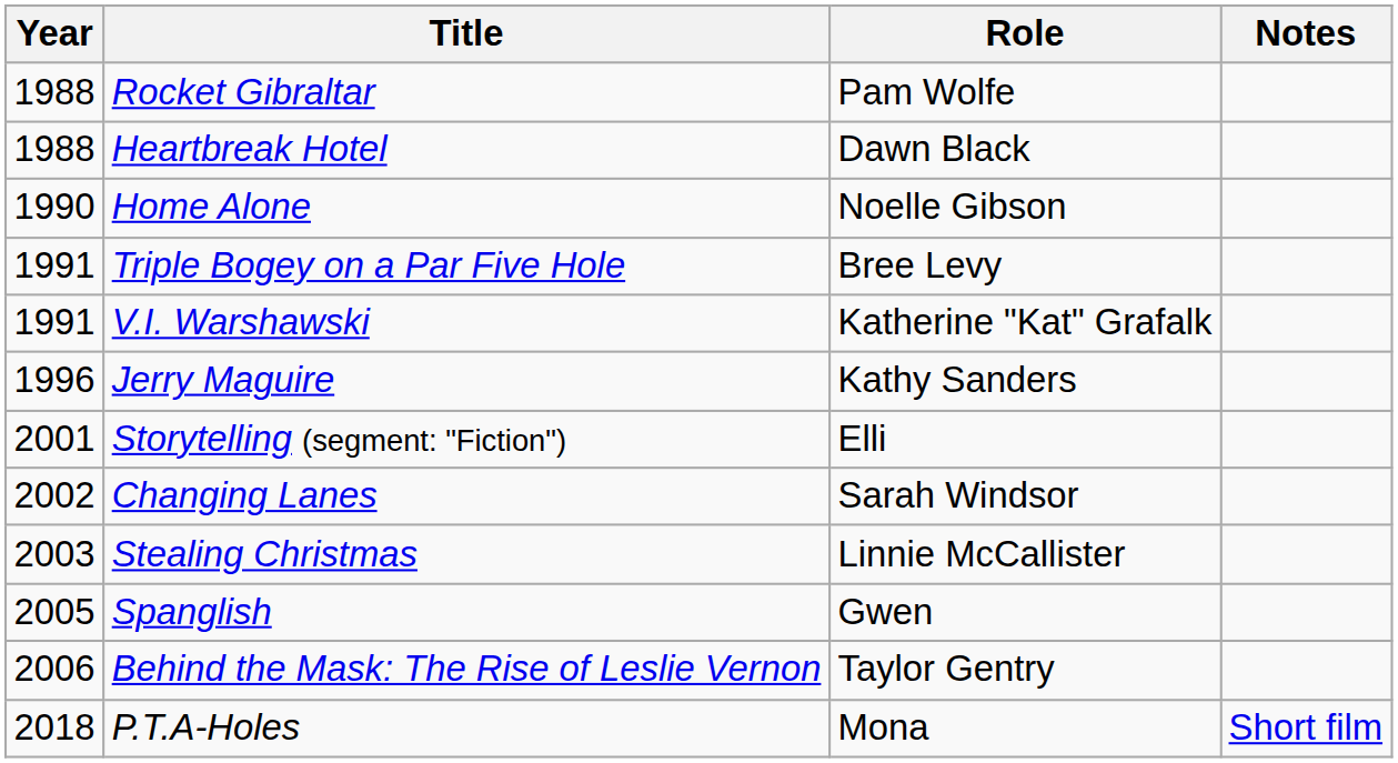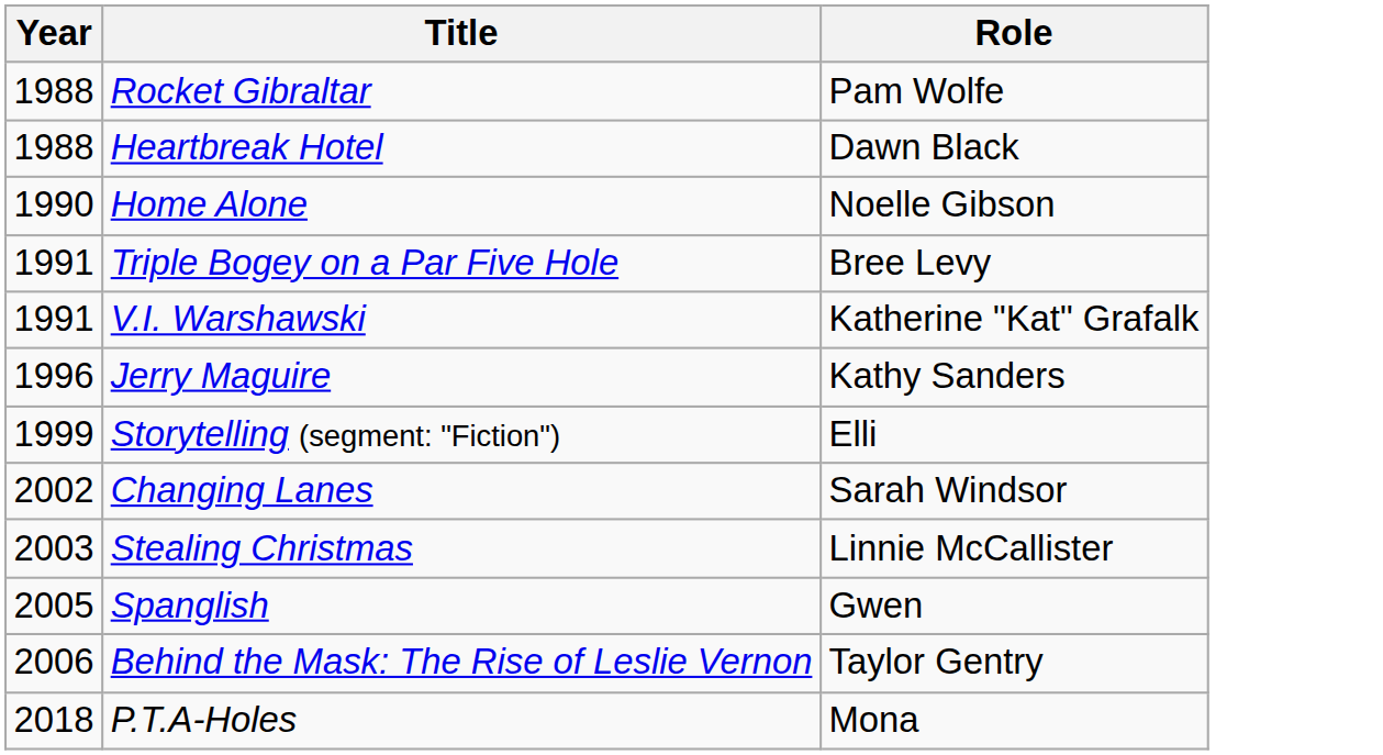 <table class="wikitable sortable">
 <tr>
 <th>Year</th>
 <th>Title</th>
 <th>Role</th>
-<th>Notes</th>
 </tr>
 <tr>
 <td>1988</td>
 <td><em><a href='#'>Rocket Gibraltar</a></em></td>
 <td>Pam Wolfe</td>
-<td></td>
 </tr>
 <tr>
 <td>1988</td>
 <td><em><a href='#'>Heartbreak Hotel</a></em></td>
 <td>Dawn Black</td>
-<td></td>
 </tr>
 <tr>
 <td>1990</td>
 <td><em><a href='#'>Home Alone</a></em></td>
 <td>Noelle Gibson</td>
-<td></td>
 </tr>
 <tr>
 <td>1991</td>
 <td><em><a href='#'>Triple Bogey on a Par Five Hole</a></em></td>
 <td>Bree Levy</td>
-<td></td>
 </tr>
 <tr>
 <td>1991</td>
 <td><em><a href='#'>V.I. Warshawski</a></em></td>
 <td>Katherine "Kat" Grafalk</td>
-<td></td>
 </tr>
 <tr>
 <td>1996</td>
 <td><em><a href='#'>Jerry Maguire</a></em></td>
 <td>Kathy Sanders</td>
-<td></td>
 </tr>
 <tr>
-<td>2001</td>
+<td>1999</td>
 <td><em><a href='#'>Storytelling</a></em> <small>(segment: "Fiction")</small></td>
 <td>Elli</td>
-<td></td>
 </tr>
 <tr>
 <td>2002</td>
 <td><em><a href='#'>Changing Lanes</a></em></td>
 <td>Sarah Windsor</td>
-<td></td>
 </tr>
 <tr>
 <td>2003</td>
 <td><em><a href='#'>Stealing Christmas</a></em></td>
 <td>Linnie McCallister</td>
-<td></td>
 </tr>
 <tr>
 <td>2005</td>
 <td><em><a href='#'>Spanglish</a></em></td>
 <td>Gwen</td>
-<td></td>
 </tr>
 <tr>
 <td>2006</td>
 <td><em><a href='#'>Behind the Mask: The Rise of Leslie Vernon</a></em></td>
 <td>Taylor Gentry</td>
-<td></td>
 </tr>
 <tr>
 <td>2018</td>
 <td><em>P.T.A-Holes</em></td>
 <td>Mona</td>
-<td><a href='#'>Short film</a></td>
 </tr>
 </table>
